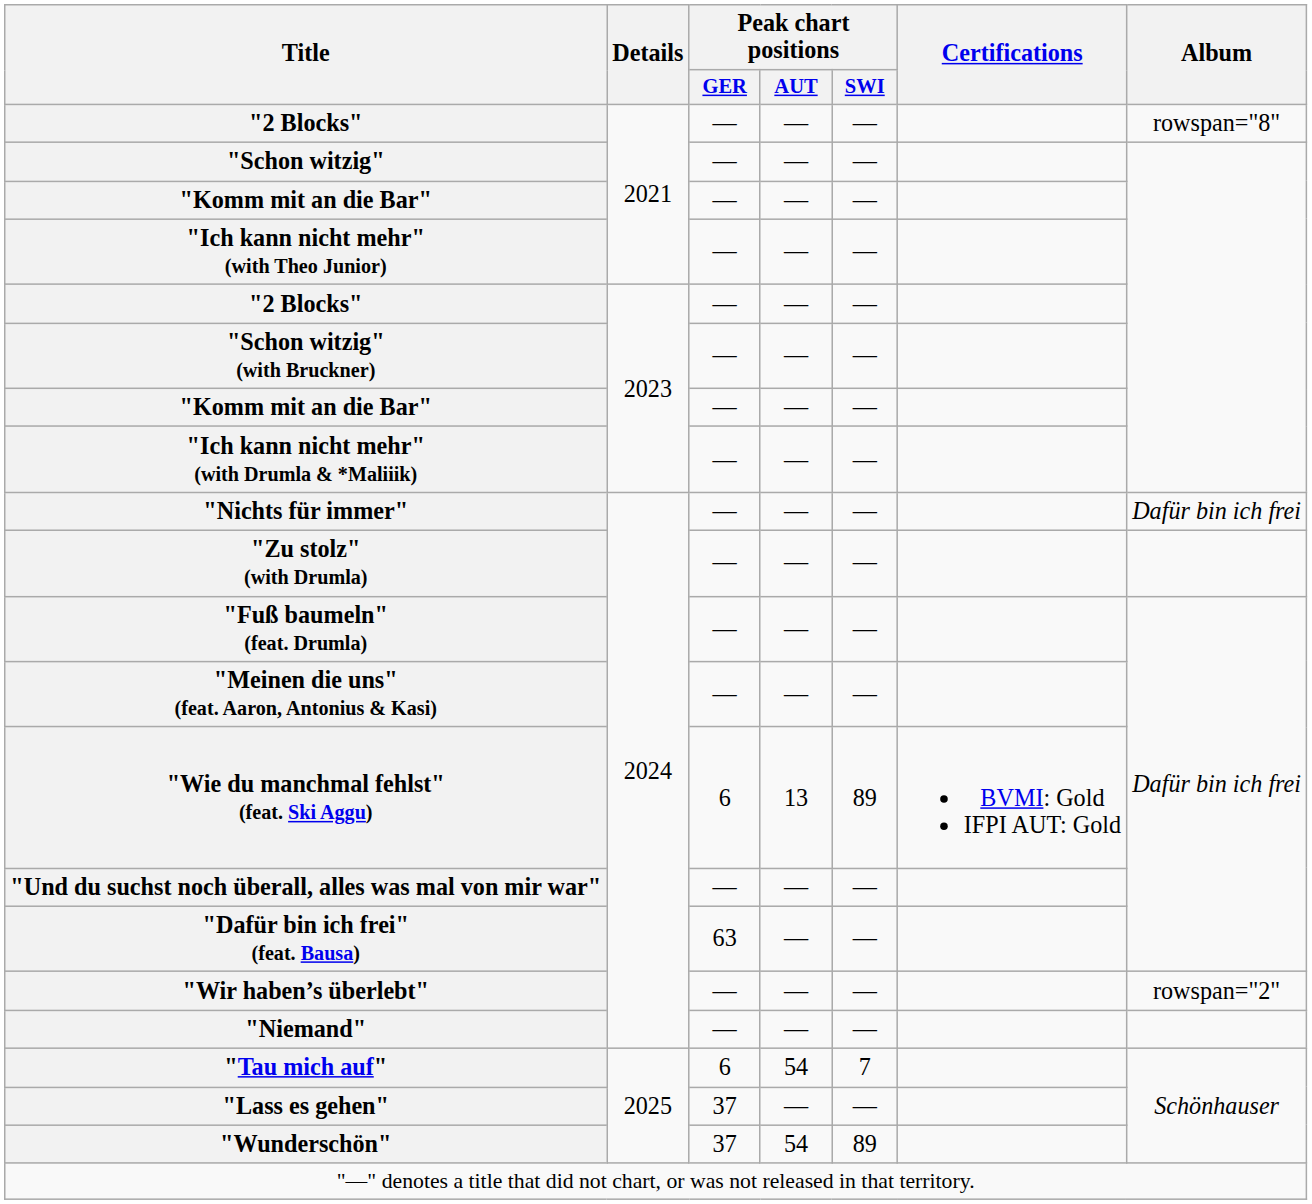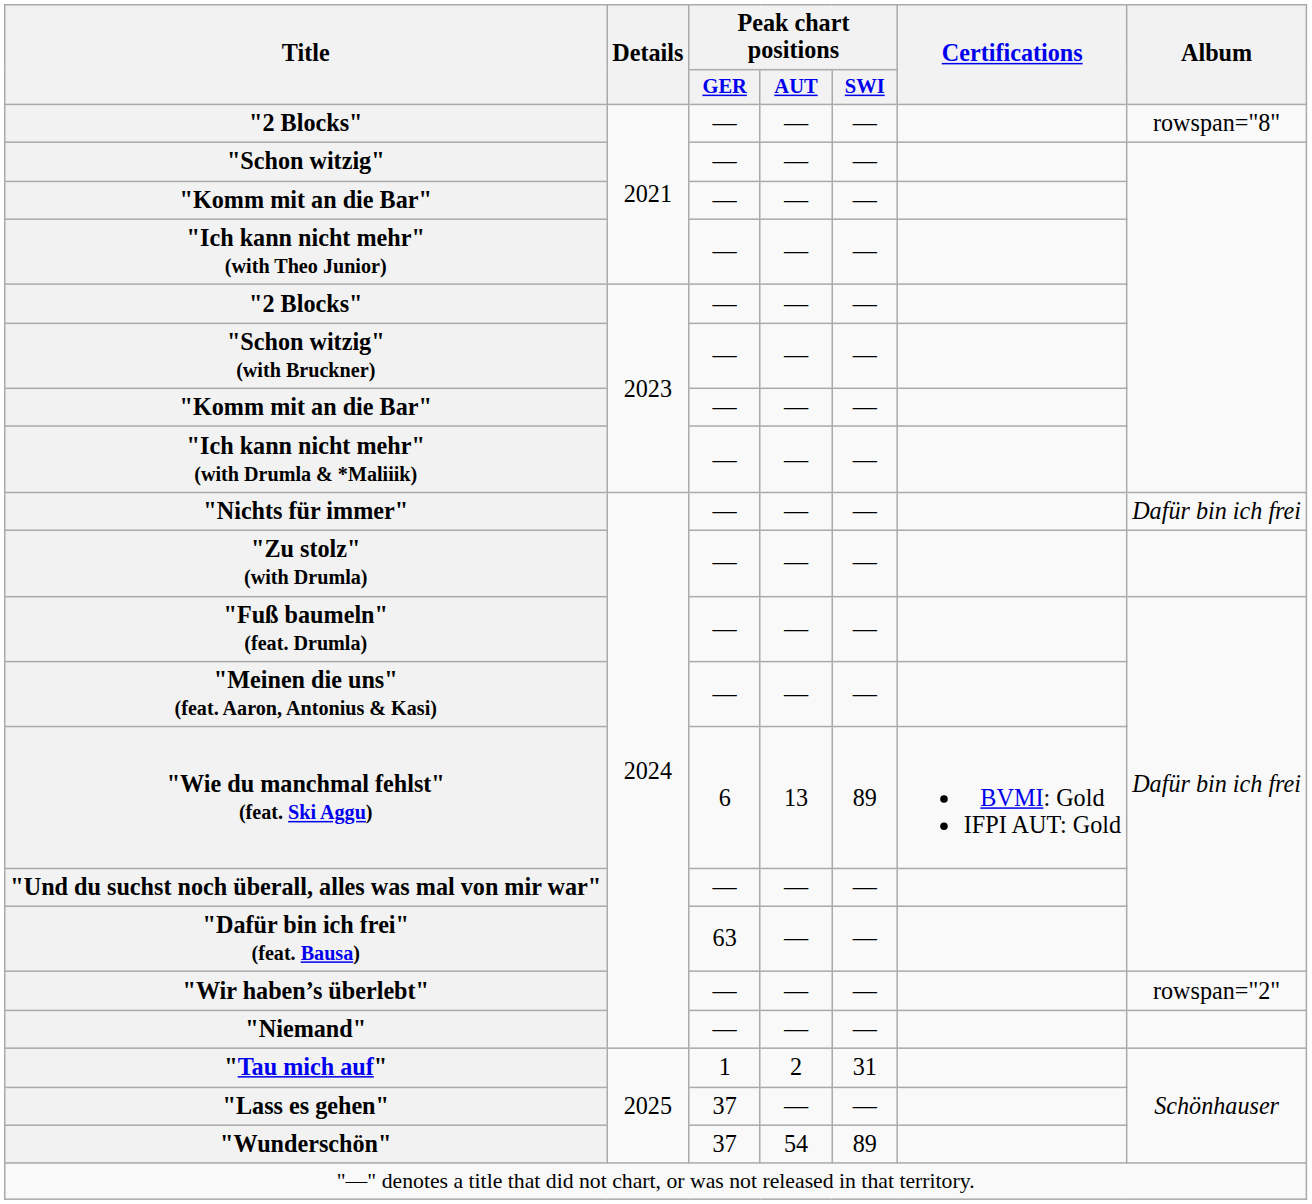 <table class="wikitable plainrowheaders" style="text-align:center">
 <tr>
 <th scope="col" rowspan="2">Title</th>
 <th scope="col" rowspan="2">Details</th>
 <th scope="col" colspan="3">Peak chart positions</th>
 <th scope="col" rowspan="2"><a href='#'>Certifications</a></th>
 <th scope="col" rowspan="2">Album</th>
 </tr>
 <tr>
 <th style="width:3em;font-size:85%"><a href='#'>GER</a><br></th>
 <th style="width:3em;font-size:85%"><a href='#'>AUT</a><br></th>
 <th scope="col" style="width:2.75em;font-size:85%;"><a href='#'>SWI</a><br></th>
 </tr>
 <tr>
 <th scope="row">"2 Blocks"</th>
 <td rowspan="4">2021</td>
 <td>—</td>
 <td>—</td>
 <td>—</td>
 <td></td>
 <td>rowspan="8" </td>
 </tr>
 <tr>
 <th scope="row">"Schon witzig"</th>
 <td>—</td>
 <td>—</td>
 <td>—</td>
 <td></td>
 </tr>
 <tr>
 <th scope="row">"Komm mit an die Bar"</th>
 <td>—</td>
 <td>—</td>
 <td>—</td>
 <td></td>
 </tr>
 <tr>
 <th scope="row">"Ich kann nicht mehr"<br><small>(with Theo Junior)</small></th>
 <td>—</td>
 <td>—</td>
 <td>—</td>
 <td></td>
 </tr>
 <tr>
 <th scope="row">"2 Blocks"</th>
 <td rowspan="4">2023</td>
 <td>—</td>
 <td>—</td>
 <td>—</td>
 <td></td>
 </tr>
 <tr>
 <th scope="row">"Schon witzig"<br><small>(with Bruckner)</small></th>
 <td>—</td>
 <td>—</td>
 <td>—</td>
 <td></td>
 </tr>
 <tr>
 <th scope="row">"Komm mit an die Bar"</th>
 <td>—</td>
 <td>—</td>
 <td>—</td>
 <td></td>
 </tr>
 <tr>
 <th scope="row">"Ich kann nicht mehr"<br><small>(with Drumla & *Maliiik)</small></th>
 <td>—</td>
 <td>—</td>
 <td>—</td>
 <td></td>
 </tr>
 <tr>
 <th scope="row">"Nichts für immer"</th>
 <td rowspan="9">2024</td>
 <td>—</td>
 <td>—</td>
 <td>—</td>
 <td></td>
 <td><em>Dafür bin ich frei</em></td>
 </tr>
 <tr>
 <th scope="row">"Zu stolz"<br><small>(with Drumla)</small></th>
 <td>—</td>
 <td>—</td>
 <td>—</td>
 <td></td>
 <td></td>
 </tr>
 <tr>
 <th scope="row">"Fuß baumeln"<br><small>(feat. Drumla)</small></th>
 <td>—</td>
 <td>—</td>
 <td>—</td>
 <td></td>
 <td rowspan="5"><em>Dafür bin ich frei</em></td>
 </tr>
 <tr>
 <th scope="row">"Meinen die uns"<br><small>(feat. Aaron, Antonius & Kasi)</small></th>
 <td>—</td>
 <td>—</td>
 <td>—</td>
 <td></td>
 </tr>
 <tr>
 <th scope="row">"Wie du manchmal fehlst"<br><small>(feat. <a href='#'>Ski Aggu</a>)</small></th>
 <td>6</td>
 <td>13</td>
 <td>89</td>
 <td><br><ul><li><a href='#'>BVMI</a>: Gold</li><li>IFPI AUT: Gold</li></ul></td>
 </tr>
 <tr>
 <th scope="row">"Und du suchst noch überall, alles was mal von mir war"</th>
 <td>—</td>
 <td>—</td>
 <td>—</td>
 <td></td>
 </tr>
 <tr>
 <th scope="row">"Dafür bin ich frei"<br><small>(feat. <a href='#'>Bausa</a>)</small></th>
 <td>63</td>
 <td>—</td>
 <td>—</td>
 <td></td>
 </tr>
 <tr>
 <th scope="row">"Wir haben’s überlebt"</th>
 <td>—</td>
 <td>—</td>
 <td>—</td>
 <td></td>
 <td>rowspan="2" </td>
 </tr>
 <tr>
 <th scope="row">"Niemand"</th>
 <td>—</td>
 <td>—</td>
 <td>—</td>
 <td></td>
 </tr>
 <tr>
 <th scope="row">"<a href='#'>Tau mich auf</a>"</th>
 <td rowspan="3">2025</td>
-<td>6</td>
-<td>54</td>
-<td>7</td>
+<td>1</td>
+<td>2</td>
+<td>31</td>
 <td></td>
 <td rowspan="3"><em>Schönhauser</em></td>
 </tr>
 <tr>
 <th scope="row">"Lass es gehen"</th>
 <td>37</td>
 <td>—</td>
 <td>—</td>
 <td></td>
 </tr>
 <tr>
 <th scope="row">"Wunderschön"</th>
 <td>37</td>
 <td>54</td>
 <td>89</td>
 <td></td>
 </tr>
 <tr>
 <td colspan="10" style="font-size:90%">"—" denotes a title that did not chart, or was not released in that territory.</td>
 </tr>
 </table>
